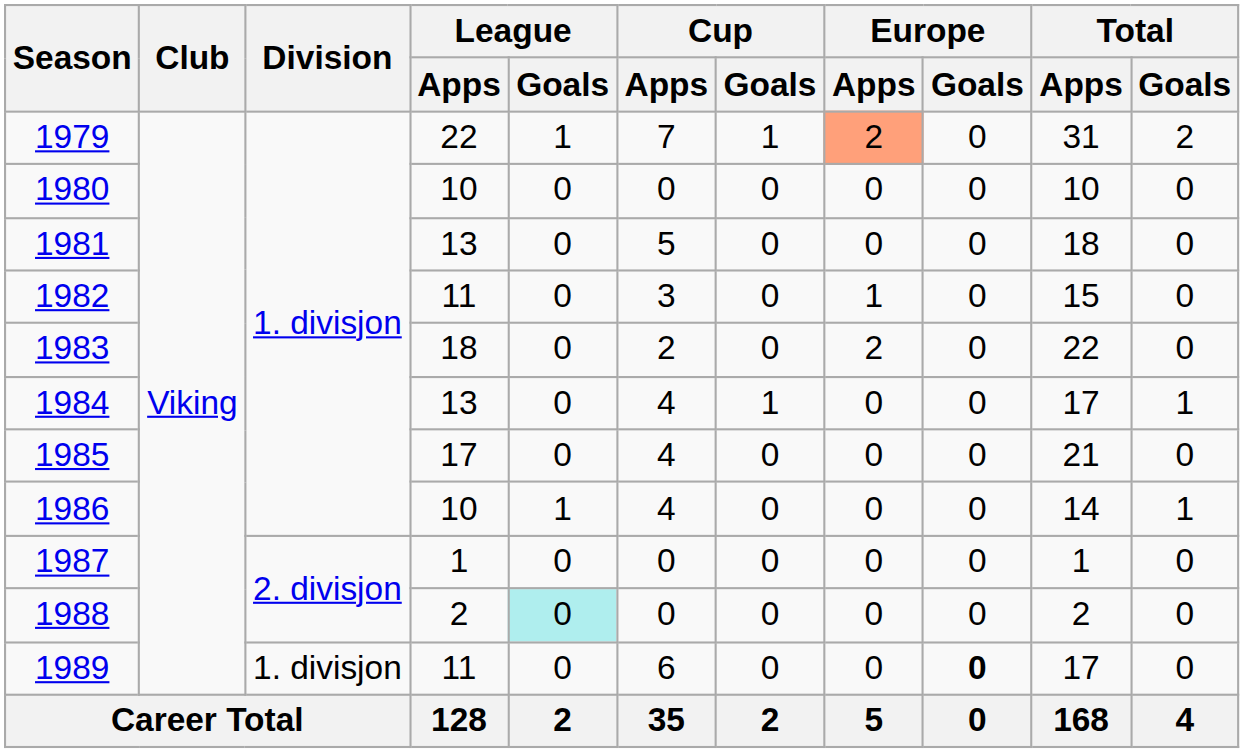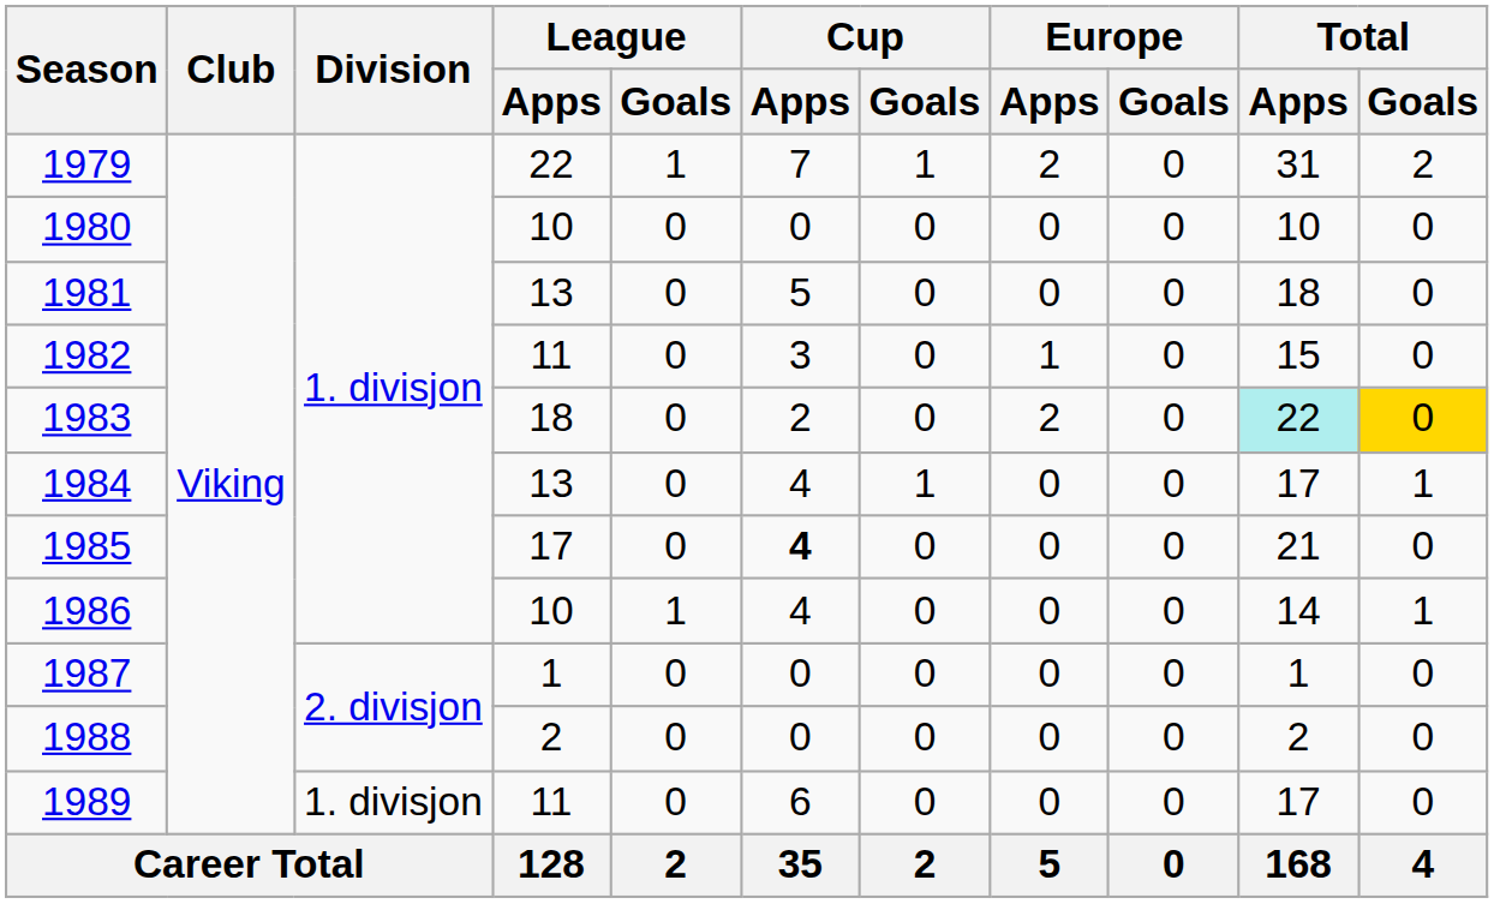 <table class="wikitable" style="text-align: center;">
 <tr>
 <th rowspan="2">Season</th>
 <th rowspan="2">Club</th>
 <th rowspan="2">Division</th>
 <th colspan="2">League</th>
 <th colspan="2">Cup</th>
 <th colspan="2">Europe</th>
 <th colspan="2">Total</th>
 </tr>
 <tr>
 <th>Apps</th>
 <th>Goals</th>
 <th>Apps</th>
 <th>Goals</th>
 <th>Apps</th>
 <th>Goals</th>
 <th>Apps</th>
 <th>Goals</th>
 </tr>
 <tr>
 <td><a href='#'>1979</a></td>
 <td rowspan="11"><a href='#'>Viking</a></td>
 <td rowspan="8"><a href='#'>1. divisjon</a></td>
 <td>22</td>
 <td>1</td>
 <td>7</td>
 <td>1</td>
-<td style="background: lightsalmon;">2</td>
+<td>2</td>
 <td>0</td>
 <td>31</td>
 <td>2</td>
 </tr>
 <tr>
 <td><a href='#'>1980</a></td>
 <td>10</td>
 <td>0</td>
 <td>0</td>
 <td>0</td>
 <td>0</td>
 <td>0</td>
 <td>10</td>
 <td>0</td>
 </tr>
 <tr>
 <td><a href='#'>1981</a></td>
 <td>13</td>
 <td>0</td>
 <td>5</td>
 <td>0</td>
 <td>0</td>
 <td>0</td>
 <td>18</td>
 <td>0</td>
 </tr>
 <tr>
 <td><a href='#'>1982</a></td>
 <td>11</td>
 <td>0</td>
 <td>3</td>
 <td>0</td>
 <td>1</td>
 <td>0</td>
 <td>15</td>
 <td>0</td>
 </tr>
 <tr>
 <td><a href='#'>1983</a></td>
 <td>18</td>
 <td>0</td>
 <td>2</td>
 <td>0</td>
 <td>2</td>
 <td>0</td>
-<td>22</td>
-<td>0</td>
+<td style="background: paleturquoise;">22</td>
+<td style="background: gold;">0</td>
 </tr>
 <tr>
 <td><a href='#'>1984</a></td>
 <td>13</td>
 <td>0</td>
 <td>4</td>
 <td>1</td>
 <td>0</td>
 <td>0</td>
 <td>17</td>
 <td>1</td>
 </tr>
 <tr>
 <td><a href='#'>1985</a></td>
 <td>17</td>
 <td>0</td>
-<td>4</td>
+<td><strong>4</strong></td>
 <td>0</td>
 <td>0</td>
 <td>0</td>
 <td>21</td>
 <td>0</td>
 </tr>
 <tr>
 <td><a href='#'>1986</a></td>
 <td>10</td>
 <td>1</td>
 <td>4</td>
 <td>0</td>
 <td>0</td>
 <td>0</td>
 <td>14</td>
 <td>1</td>
 </tr>
 <tr>
 <td><a href='#'>1987</a></td>
 <td rowspan="2"><a href='#'>2. divisjon</a></td>
 <td>1</td>
 <td>0</td>
 <td>0</td>
 <td>0</td>
 <td>0</td>
 <td>0</td>
 <td>1</td>
 <td>0</td>
 </tr>
 <tr>
 <td><a href='#'>1988</a></td>
 <td>2</td>
-<td style="background: paleturquoise;">0</td>
+<td>0</td>
 <td>0</td>
 <td>0</td>
 <td>0</td>
 <td>0</td>
 <td>2</td>
 <td>0</td>
 </tr>
 <tr>
 <td><a href='#'>1989</a></td>
 <td>1. divisjon</td>
 <td>11</td>
 <td>0</td>
 <td>6</td>
 <td>0</td>
 <td>0</td>
-<td><strong>0</strong></td>
+<td>0</td>
 <td>17</td>
 <td>0</td>
 </tr>
 <tr>
 <th colspan="3">Career Total</th>
 <th>128</th>
 <th>2</th>
 <th>35</th>
 <th>2</th>
 <th>5</th>
 <th>0</th>
 <th>168</th>
 <th>4</th>
 </tr>
 </table>
